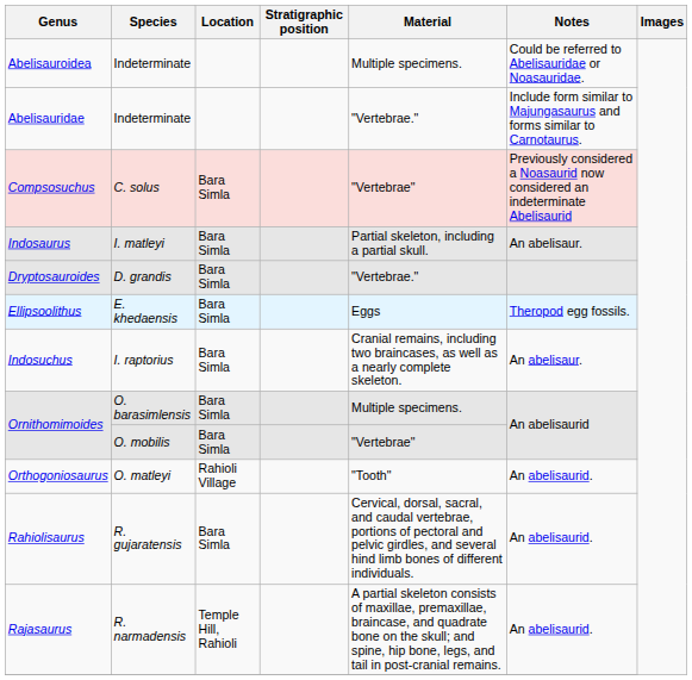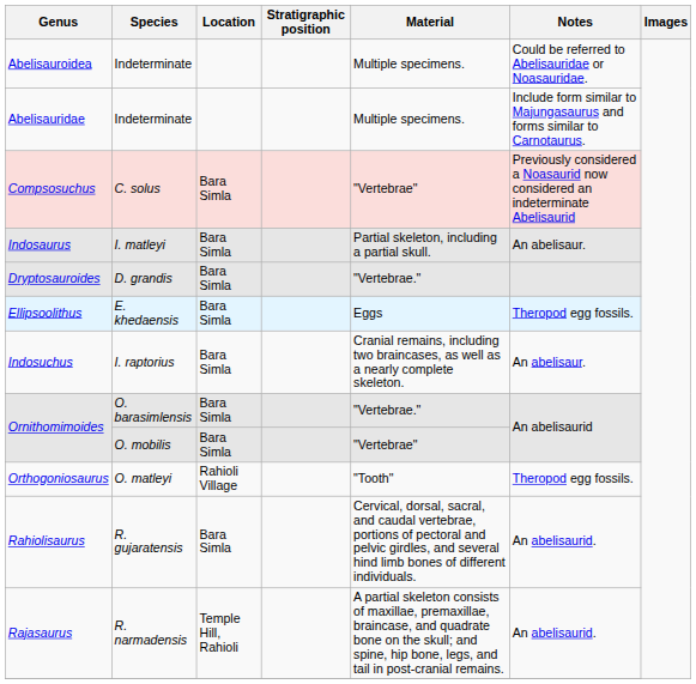 <table class="wikitable" align="center">
 <tr>
 <th>Genus</th>
 <th>Species</th>
 <th>Location</th>
 <th>Stratigraphic position</th>
 <th>Material</th>
 <th>Notes</th>
 <th>Images</th>
 </tr>
 <tr>
 <td><a href='#'>Abelisauroidea</a></td>
 <td>Indeterminate</td>
 <td></td>
 <td></td>
 <td>Multiple specimens.</td>
 <td>Could be referred to <a href='#'>Abelisauridae</a> or <a href='#'>Noasauridae</a>.</td>
 <td rowspan = 100></td>
 </tr>
 <tr>
 <td><a href='#'>Abelisauridae</a></td>
 <td>Indeterminate</td>
 <td></td>
 <td></td>
-<td>"Vertebrae."</td>
+<td>Multiple specimens.</td>
 <td>Include form similar to <a href='#'>Majungasaurus</a> and forms similar to <a href='#'>Carnotaurus</a>.</td>
 </tr>
 <tr>
 <td style="background:#fbdddb;"><em><a href='#'>Compsosuchus</a></em></td>
 <td style="background:#fbdddb;"><em>C. solus</em></td>
 <td style="background:#fbdddb;">Bara Simla</td>
 <td style="background:#fbdddb;"></td>
 <td style="background:#fbdddb;">"Vertebrae"</td>
 <td style="background:#fbdddb;">Previously considered a <a href='#'>Noasaurid</a>  now considered an indeterminate <a href='#'>Abelisaurid</a></td>
 </tr>
 <tr style="background:#E6E6E6;">
 <td><em><a href='#'>Indosaurus</a></em></td>
 <td><em>I. matleyi</em></td>
 <td>Bara Simla</td>
 <td></td>
 <td>Partial skeleton, including a partial skull.</td>
 <td>An abelisaur.</td>
 </tr>
 <tr>
 <td style="background:#E6E6E6;"><em><a href='#'>Dryptosauroides</a></em></td>
 <td style="background:#E6E6E6;"><em>D. grandis</em></td>
 <td style="background:#E6E6E6;">Bara Simla</td>
 <td style="background:#E6E6E6;"></td>
 <td style="background:#E6E6E6;">"Vertebrae."</td>
 <td style="background:#E6E6E6;"></td>
 </tr>
 <tr style="background:#E3F5FF;"|->
 <td><em><a href='#'>Ellipsoolithus</a></em></td>
 <td><em>E. khedaensis</em></td>
 <td>Bara Simla</td>
 <td></td>
 <td>Eggs</td>
 <td><a href='#'>Theropod</a> egg fossils.</td>
 </tr>
 <tr>
 <td><em><a href='#'>Indosuchus</a></em></td>
 <td><em>I. raptorius</em></td>
 <td>Bara Simla</td>
 <td></td>
 <td>Cranial remains, including two braincases, as well as a nearly complete skeleton.</td>
 <td>An <a href='#'>abelisaur</a>.</td>
 </tr>
 <tr style="background:#E6E6E6;">
 <td rowspan="2"><em><a href='#'>Ornithomimoides</a></em></td>
 <td><em>O. barasimlensis</em></td>
 <td>Bara Simla</td>
 <td></td>
-<td>Multiple specimens.</td>
+<td>"Vertebrae."</td>
 <td rowspan=2>An abelisaurid</td>
 </tr>
 <tr style="background:#E6E6E6;">
 <td><em>O. mobilis</em></td>
 <td>Bara Simla</td>
 <td></td>
 <td>"Vertebrae"</td>
 </tr>
 <tr>
 <td><em><a href='#'>Orthogoniosaurus</a></em></td>
 <td><em>O. matleyi</em></td>
 <td>Rahioli Village</td>
 <td></td>
 <td>"Tooth"</td>
-<td>An <a href='#'>abelisaurid</a>.</td>
+<td><a href='#'>Theropod</a> egg fossils.</td>
 </tr>
 <tr>
 <td><em><a href='#'>Rahiolisaurus</a></em></td>
 <td><em>R. gujaratensis</em></td>
 <td>Bara Simla</td>
 <td></td>
 <td>Cervical, dorsal, sacral, and caudal vertebrae, portions of pectoral and pelvic girdles, and several hind limb bones of different individuals.</td>
 <td>An <a href='#'>abelisaurid</a>.</td>
 </tr>
 <tr>
 <td><em><a href='#'>Rajasaurus</a></em></td>
 <td><em>R. narmadensis</em></td>
 <td>Temple Hill, Rahioli</td>
 <td></td>
 <td>A partial skeleton consists of maxillae, premaxillae, braincase, and quadrate bone on the skull; and spine, hip bone, legs, and tail in post-cranial remains.</td>
 <td>An <a href='#'>abelisaurid</a>.</td>
 </tr>
 <tr>
 </tr>
 </table>
